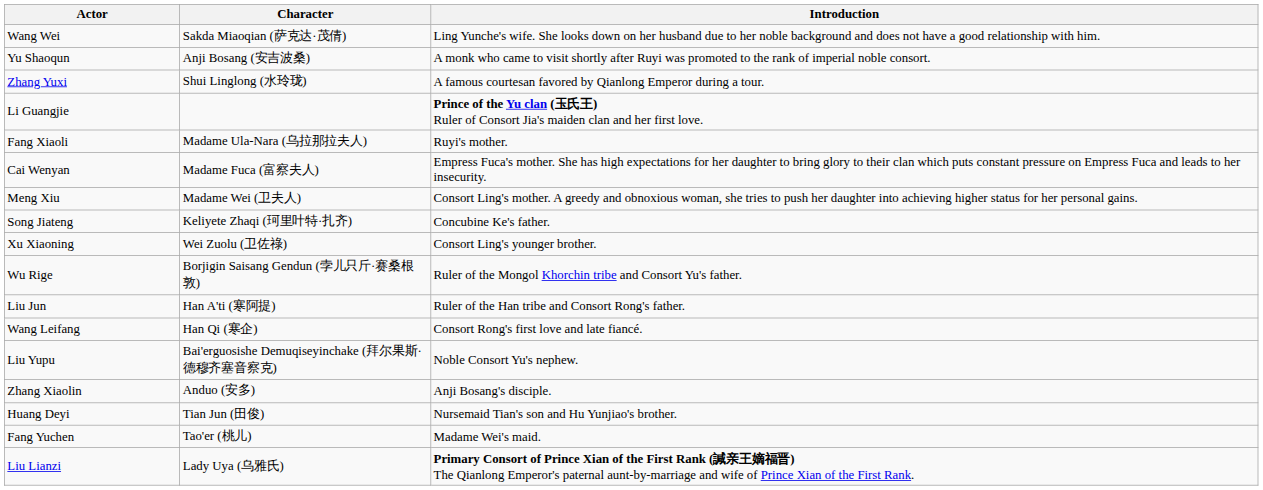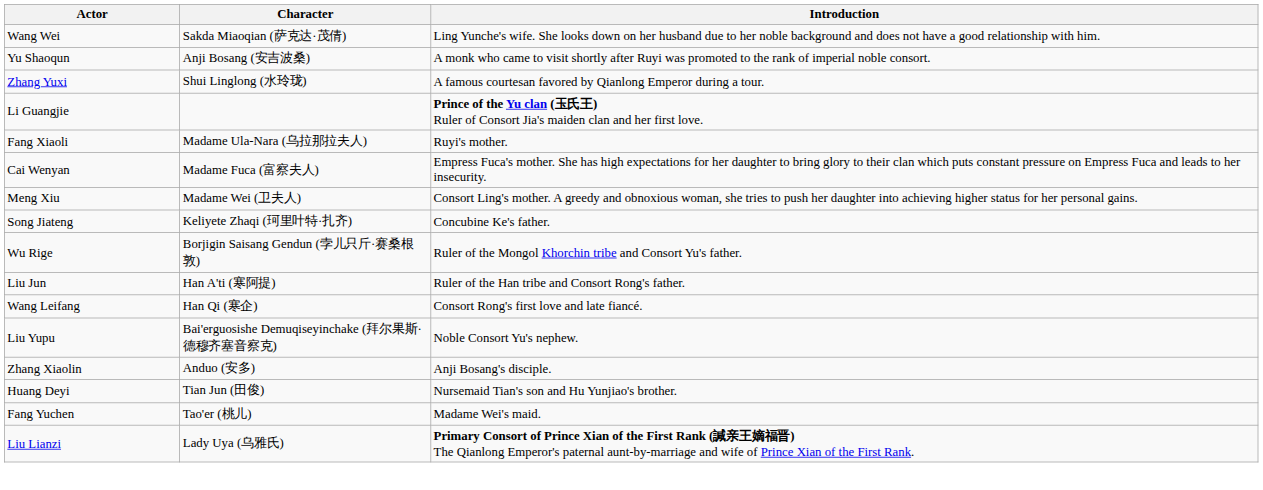 <table class="wikitable">
 <tr>
 <th style="width:14%">Actor</th>
 <th style="width:20%">Character</th>
 <th>Introduction</th>
 </tr>
 <tr>
 <td>Wang Wei</td>
 <td>Sakda Miaoqian (萨克达·茂倩)</td>
 <td>Ling Yunche's wife. She looks down on her husband due to her noble background and does not have a good relationship with him.</td>
 </tr>
 <tr>
 <td>Yu Shaoqun</td>
 <td>Anji Bosang (安吉波桑)</td>
 <td>A monk who came to visit shortly after Ruyi was promoted to the rank of imperial noble consort.</td>
 </tr>
 <tr>
 <td><a href='#'>Zhang Yuxi</a></td>
 <td>Shui Linglong (水玲珑)</td>
 <td>A famous courtesan favored by Qianlong Emperor during a tour.</td>
 </tr>
 <tr>
 <td>Li Guangjie</td>
 <td></td>
 <td><strong>Prince of the <a href='#'>Yu clan</a> (玉氏王)</strong><br>Ruler of Consort Jia's maiden clan and her first love.</td>
 </tr>
 <tr>
 <td>Fang Xiaoli</td>
 <td>Madame Ula-Nara (乌拉那拉夫人)</td>
 <td>Ruyi's mother.</td>
 </tr>
 <tr>
 <td>Cai Wenyan</td>
 <td>Madame Fuca (富察夫人)</td>
 <td>Empress Fuca's mother. She has high expectations for her daughter to bring glory to their clan which puts constant pressure on Empress Fuca and leads to her insecurity.</td>
 </tr>
 <tr>
 <td>Meng Xiu</td>
 <td>Madame Wei (卫夫人)</td>
 <td>Consort Ling's mother. A greedy and obnoxious woman, she tries to push her daughter into achieving higher status for her personal gains.</td>
 </tr>
 <tr>
 <td>Song Jiateng</td>
 <td>Keliyete Zhaqi (珂里叶特·扎齐)</td>
 <td>Concubine Ke's father.</td>
 </tr>
 <tr>
-<td>Xu Xiaoning</td>
-<td>Wei Zuolu (卫佐祿)</td>
-<td>Consort Ling's younger brother.</td>
-</tr>
-<tr>
 <td>Wu Rige</td>
 <td>Borjigin Saisang Gendun (孛儿只斤·赛桑根敦)</td>
 <td>Ruler of the Mongol <a href='#'>Khorchin tribe</a> and Consort Yu's father.</td>
 </tr>
 <tr>
 <td>Liu Jun</td>
 <td>Han A'ti (寒阿提)</td>
 <td>Ruler of the Han tribe and Consort Rong's father.</td>
 </tr>
 <tr>
 <td>Wang Leifang</td>
 <td>Han Qi (寒企)</td>
 <td>Consort Rong's first love and late fiancé.</td>
 </tr>
 <tr>
 <td>Liu Yupu</td>
 <td>Bai'erguosishe Demuqiseyinchake (拜尔果斯·德穆齐塞音察克)</td>
 <td>Noble Consort Yu's nephew.</td>
 </tr>
 <tr>
 <td>Zhang Xiaolin</td>
 <td>Anduo (安多)</td>
 <td>Anji Bosang's disciple.</td>
 </tr>
 <tr>
 <td>Huang Deyi</td>
 <td>Tian Jun (田俊)</td>
 <td>Nursemaid Tian's son and Hu Yunjiao's brother.</td>
 </tr>
 <tr>
 <td>Fang Yuchen</td>
 <td>Tao'er (桃儿)</td>
 <td>Madame Wei's maid.</td>
 </tr>
 <tr>
 <td><a href='#'>Liu Lianzi</a></td>
 <td>Lady Uya (乌雅氏)</td>
 <td><strong>Primary Consort of Prince Xian of the First Rank (諴亲王嫡福晋)</strong><br>The Qianlong Emperor's paternal aunt-by-marriage and wife of <a href='#'>Prince Xian of the First Rank</a>.</td>
 </tr>
 </table>
